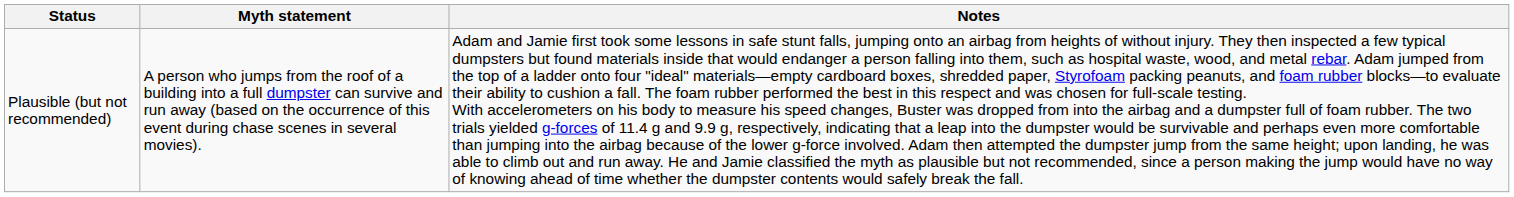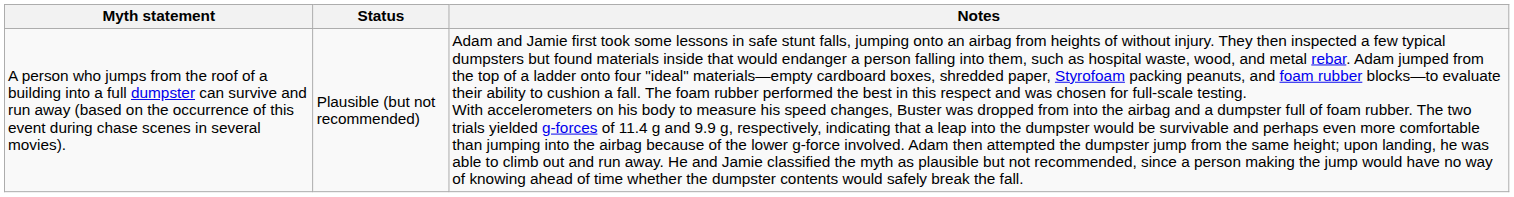 <table class="wikitable plainrowheaders">
 <tr>
+<th>Myth statement</th>
 <th>Status</th>
-<th>Myth statement</th>
 <th>Notes</th>
 </tr>
 <tr>
+<td>A person who jumps from the roof of a building into a full <a href='#'>dumpster</a> can survive and run away (based on the occurrence of this event during chase scenes in several movies).</td>
 <td><span>Plausible</span> (but not recommended)</td>
-<td>A person who jumps from the roof of a building into a full <a href='#'>dumpster</a> can survive and run away (based on the occurrence of this event during chase scenes in several movies).</td>
 <td>Adam and Jamie first took some lessons in safe stunt falls, jumping onto an airbag from heights of  without injury. They then inspected a few typical dumpsters but found materials inside that would endanger a person falling into them, such as hospital waste, wood, and metal <a href='#'>rebar</a>. Adam jumped from the top of a ladder onto four "ideal" materials—empty cardboard boxes, shredded paper, <a href='#'>Styrofoam</a> packing peanuts, and <a href='#'>foam rubber</a> blocks—to evaluate their ability to cushion a fall. The foam rubber performed the best in this respect and was chosen for full-scale testing.<br>With accelerometers on his body to measure his speed changes, Buster was dropped from  into the airbag and a dumpster full of foam rubber. The two trials yielded <a href='#'>g-forces</a> of 11.4 g and 9.9 g, respectively, indicating that a leap into the dumpster would be survivable and perhaps even more comfortable than jumping into the airbag because of the lower g-force involved. Adam then attempted the dumpster jump from the same height; upon landing, he was able to climb out and run away. He and Jamie classified the myth as plausible but not recommended, since a person making the jump would have no way of knowing ahead of time whether the dumpster contents would safely break the fall.</td>
 </tr>
 </table>
